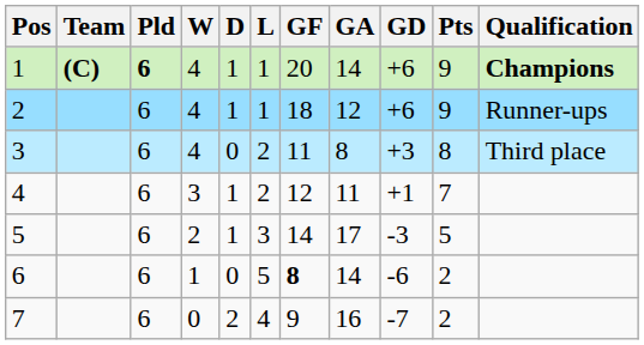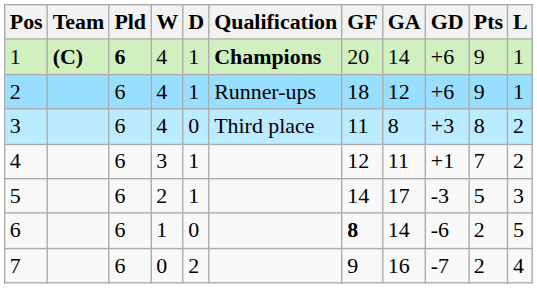 <table class="wikitable sortable">
 <tr>
 <th>Pos</th>
 <th>Team</th>
 <th>Pld</th>
 <th>W</th>
 <th>D</th>
-<th>L</th>
+<th>Qualification</th>
 <th>GF</th>
 <th>GA</th>
 <th>GD</th>
 <th>Pts</th>
-<th>Qualification</th>
+<th>L</th>
 </tr>
 <tr bgcolor="#D0F0C0">
 <td>1</td>
 <td> <strong>(C)</strong></td>
 <td><strong>6</strong></td>
 <td>4</td>
 <td>1</td>
-<td>1</td>
+<td><strong>Champions</strong></td>
 <td>20</td>
 <td>14</td>
 <td>+6</td>
 <td>9</td>
-<td><strong>Champions</strong></td>
+<td>1</td>
 </tr>
 <tr bgcolor="#97DEFF">
 <td>2</td>
 <td></td>
 <td>6</td>
 <td>4</td>
 <td>1</td>
-<td>1</td>
+<td>Runner-ups</td>
 <td>18</td>
 <td>12</td>
 <td>+6</td>
 <td>9</td>
-<td>Runner-ups</td>
+<td>1</td>
 </tr>
 <tr bgcolor="#BBEBFF">
 <td>3</td>
 <td></td>
 <td>6</td>
 <td>4</td>
 <td>0</td>
-<td>2</td>
+<td>Third place</td>
 <td>11</td>
 <td>8</td>
 <td>+3</td>
 <td>8</td>
-<td>Third place</td>
+<td>2</td>
 </tr>
 <tr>
 <td>4</td>
 <td></td>
 <td>6</td>
 <td>3</td>
 <td>1</td>
-<td>2</td>
+<td></td>
 <td>12</td>
 <td>11</td>
 <td>+1</td>
 <td>7</td>
-<td></td>
+<td>2</td>
 </tr>
 <tr>
 <td>5</td>
 <td></td>
 <td>6</td>
 <td>2</td>
 <td>1</td>
-<td>3</td>
+<td></td>
 <td>14</td>
 <td>17</td>
 <td>-3</td>
 <td>5</td>
-<td></td>
+<td>3</td>
 </tr>
 <tr>
 <td>6</td>
 <td></td>
 <td>6</td>
 <td>1</td>
 <td>0</td>
-<td>5</td>
+<td></td>
 <td><strong>8</strong></td>
 <td>14</td>
 <td>-6</td>
 <td>2</td>
-<td></td>
+<td>5</td>
 </tr>
 <tr>
 <td>7</td>
 <td></td>
 <td>6</td>
 <td>0</td>
 <td>2</td>
-<td>4</td>
+<td></td>
 <td>9</td>
 <td>16</td>
 <td>-7</td>
 <td>2</td>
-<td></td>
+<td>4</td>
 </tr>
 </table>
